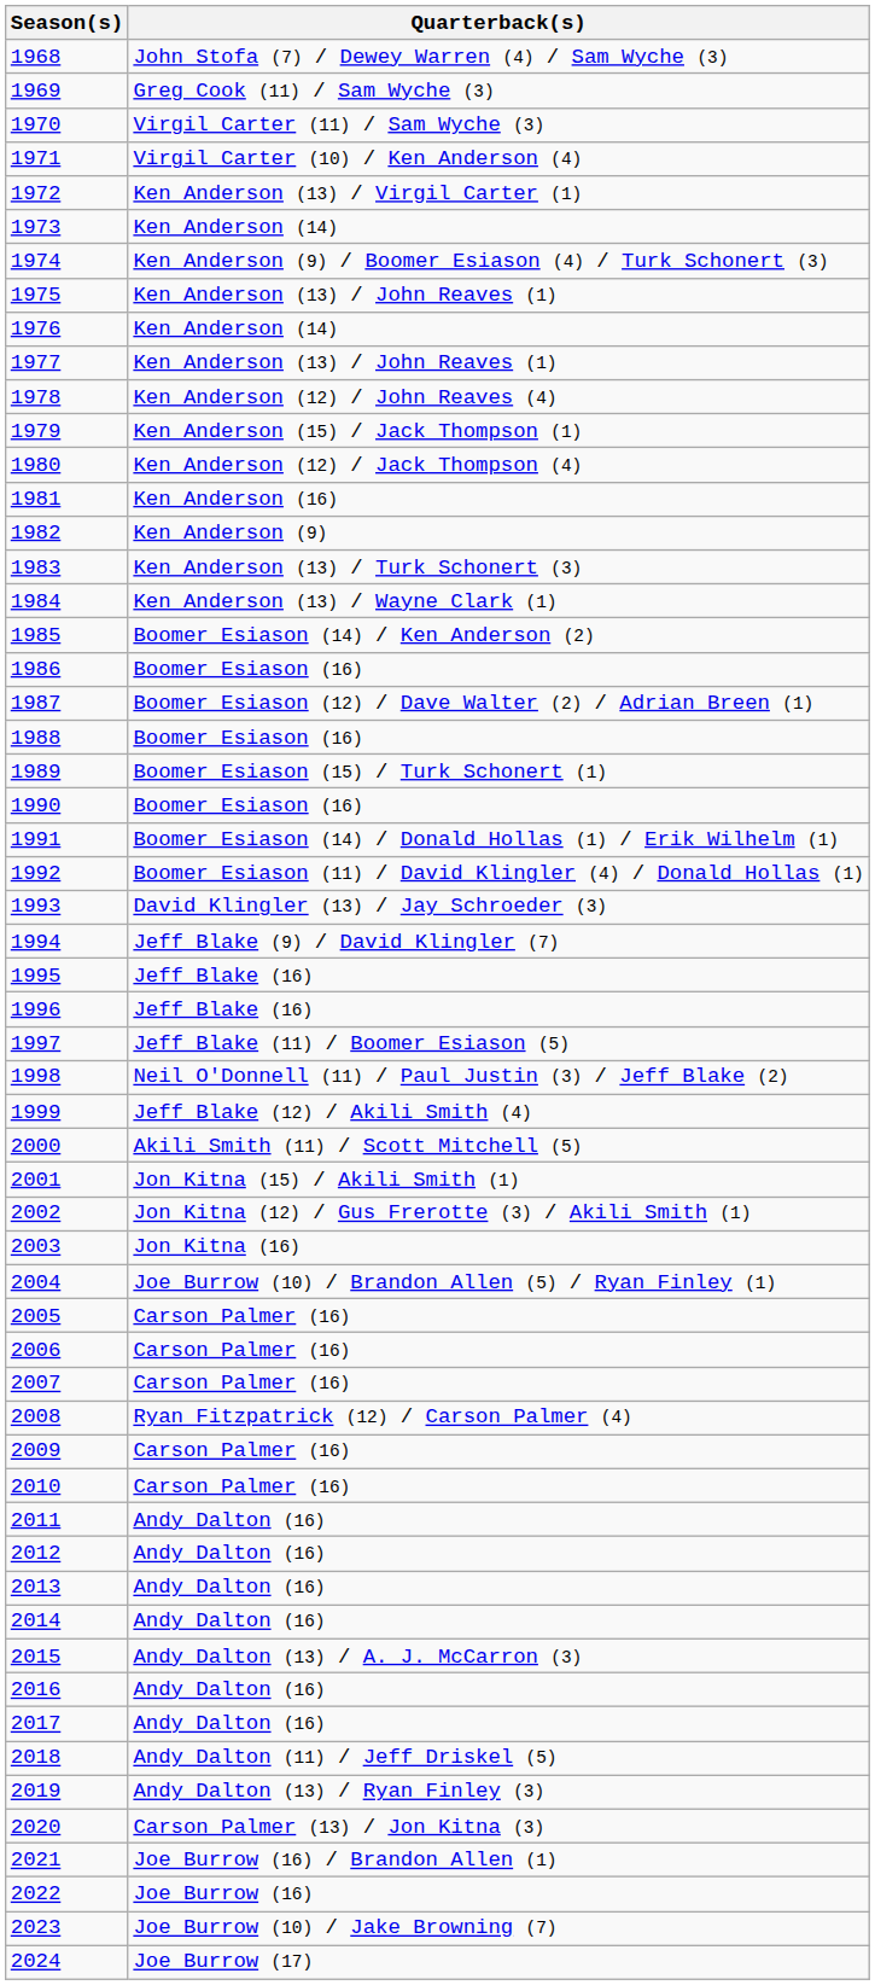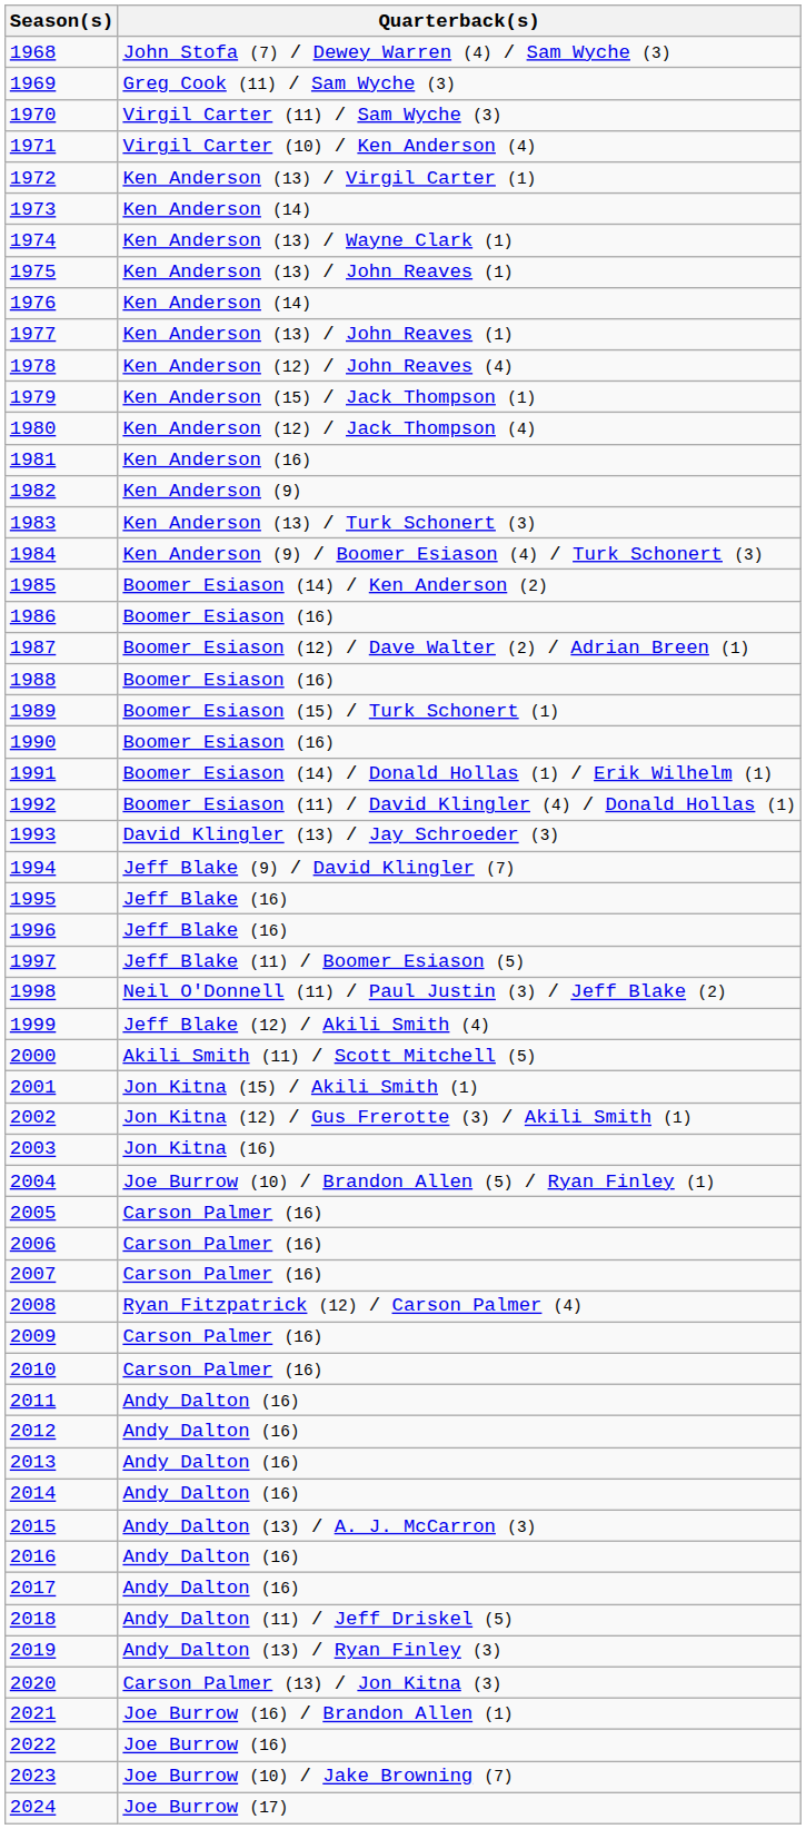 <table class="wikitable">
 <tr>
 <th>Season(s)</th>
 <th>Quarterback(s)</th>
 </tr>
 <tr>
 <td><a href='#'>1968</a></td>
 <td><a href='#'>John Stofa</a> <small>(7)</small> / <a href='#'>Dewey Warren</a> <small>(4)</small> / <a href='#'>Sam Wyche</a> <small>(3)</small></td>
 </tr>
 <tr>
 <td><a href='#'>1969</a></td>
 <td><a href='#'>Greg Cook</a> <small>(11)</small> / <a href='#'>Sam Wyche</a> <small>(3)</small></td>
 </tr>
 <tr>
 <td><a href='#'>1970</a></td>
 <td><a href='#'>Virgil Carter</a> <small>(11)</small> / <a href='#'>Sam Wyche</a> <small>(3)</small></td>
 </tr>
 <tr>
 <td><a href='#'>1971</a></td>
 <td><a href='#'>Virgil Carter</a> <small>(10)</small> / <a href='#'>Ken Anderson</a> <small>(4)</small></td>
 </tr>
 <tr>
 <td><a href='#'>1972</a></td>
 <td><a href='#'>Ken Anderson</a> <small>(13)</small> / <a href='#'>Virgil Carter</a> <small>(1)</small></td>
 </tr>
 <tr>
 <td><a href='#'>1973</a></td>
 <td><a href='#'>Ken Anderson</a> <small>(14)</small></td>
 </tr>
 <tr>
 <td><a href='#'>1974</a></td>
-<td><a href='#'>Ken Anderson</a> <small>(9)</small> / <a href='#'>Boomer Esiason</a> <small>(4)</small> / <a href='#'>Turk Schonert</a> <small>(3)</small></td>
+<td><a href='#'>Ken Anderson</a> <small>(13)</small> / <a href='#'>Wayne Clark</a> <small>(1)</small></td>
 </tr>
 <tr>
 <td><a href='#'>1975</a></td>
 <td><a href='#'>Ken Anderson</a> <small>(13)</small> / <a href='#'>John Reaves</a> <small>(1)</small></td>
 </tr>
 <tr>
 <td><a href='#'>1976</a></td>
 <td><a href='#'>Ken Anderson</a> <small>(14)</small></td>
 </tr>
 <tr>
 <td><a href='#'>1977</a></td>
 <td><a href='#'>Ken Anderson</a> <small>(13)</small> / <a href='#'>John Reaves</a> <small>(1)</small></td>
 </tr>
 <tr>
 <td><a href='#'>1978</a></td>
 <td><a href='#'>Ken Anderson</a> <small>(12)</small> / <a href='#'>John Reaves</a> <small>(4)</small></td>
 </tr>
 <tr>
 <td><a href='#'>1979</a></td>
 <td><a href='#'>Ken Anderson</a> <small>(15)</small> / <a href='#'>Jack Thompson</a> <small>(1)</small></td>
 </tr>
 <tr>
 <td><a href='#'>1980</a></td>
 <td><a href='#'>Ken Anderson</a> <small>(12)</small> / <a href='#'>Jack Thompson</a> <small>(4)</small></td>
 </tr>
 <tr>
 <td><a href='#'>1981</a></td>
 <td><a href='#'>Ken Anderson</a> <small>(16)</small></td>
 </tr>
 <tr>
 <td><a href='#'>1982</a></td>
 <td><a href='#'>Ken Anderson</a> <small>(9)</small></td>
 </tr>
 <tr>
 <td><a href='#'>1983</a></td>
 <td><a href='#'>Ken Anderson</a> <small>(13)</small> / <a href='#'>Turk Schonert</a> <small>(3)</small></td>
 </tr>
 <tr>
 <td><a href='#'>1984</a></td>
-<td><a href='#'>Ken Anderson</a> <small>(13)</small> / <a href='#'>Wayne Clark</a> <small>(1)</small></td>
+<td><a href='#'>Ken Anderson</a> <small>(9)</small> / <a href='#'>Boomer Esiason</a> <small>(4)</small> / <a href='#'>Turk Schonert</a> <small>(3)</small></td>
 </tr>
 <tr>
 <td><a href='#'>1985</a></td>
 <td><a href='#'>Boomer Esiason</a> <small>(14)</small> / <a href='#'>Ken Anderson</a> <small>(2)</small></td>
 </tr>
 <tr>
 <td><a href='#'>1986</a></td>
 <td><a href='#'>Boomer Esiason</a> <small>(16)</small></td>
 </tr>
 <tr>
 <td><a href='#'>1987</a></td>
 <td><a href='#'>Boomer Esiason</a> <small>(12)</small> / <a href='#'>Dave Walter</a> <small>(2)</small> / <a href='#'>Adrian Breen</a> <small>(1)</small></td>
 </tr>
 <tr>
 <td><a href='#'>1988</a></td>
 <td><a href='#'>Boomer Esiason</a> <small>(16)</small></td>
 </tr>
 <tr>
 <td><a href='#'>1989</a></td>
 <td><a href='#'>Boomer Esiason</a> <small>(15)</small> / <a href='#'>Turk Schonert</a> <small>(1)</small></td>
 </tr>
 <tr>
 <td><a href='#'>1990</a></td>
 <td><a href='#'>Boomer Esiason</a> <small>(16)</small></td>
 </tr>
 <tr>
 <td><a href='#'>1991</a></td>
 <td><a href='#'>Boomer Esiason</a> <small>(14)</small> / <a href='#'>Donald Hollas</a> <small>(1)</small> / <a href='#'>Erik Wilhelm</a> <small>(1)</small></td>
 </tr>
 <tr>
 <td><a href='#'>1992</a></td>
 <td><a href='#'>Boomer Esiason</a> <small>(11)</small> / <a href='#'>David Klingler</a> <small>(4)</small> / <a href='#'>Donald Hollas</a> <small>(1)</small></td>
 </tr>
 <tr>
 <td><a href='#'>1993</a></td>
 <td><a href='#'>David Klingler</a> <small>(13)</small> / <a href='#'>Jay Schroeder</a> <small>(3)</small></td>
 </tr>
 <tr>
 <td><a href='#'>1994</a></td>
 <td><a href='#'>Jeff Blake</a> <small>(9)</small> / <a href='#'>David Klingler</a> <small>(7)</small></td>
 </tr>
 <tr>
 <td><a href='#'>1995</a></td>
 <td><a href='#'>Jeff Blake</a> <small>(16)</small></td>
 </tr>
 <tr>
 <td><a href='#'>1996</a></td>
 <td><a href='#'>Jeff Blake</a> <small>(16)</small></td>
 </tr>
 <tr>
 <td><a href='#'>1997</a></td>
 <td><a href='#'>Jeff Blake</a> <small>(11)</small> / <a href='#'>Boomer Esiason</a> <small>(5)</small></td>
 </tr>
 <tr>
 <td><a href='#'>1998</a></td>
 <td><a href='#'>Neil O'Donnell</a> <small>(11)</small> / <a href='#'>Paul Justin</a> <small>(3)</small> / <a href='#'>Jeff Blake</a> <small>(2)</small></td>
 </tr>
 <tr>
 <td><a href='#'>1999</a></td>
 <td><a href='#'>Jeff Blake</a> <small>(12)</small> / <a href='#'>Akili Smith</a> <small>(4)</small></td>
 </tr>
 <tr>
 <td><a href='#'>2000</a></td>
 <td><a href='#'>Akili Smith</a> <small>(11)</small> / <a href='#'>Scott Mitchell</a> <small>(5)</small></td>
 </tr>
 <tr>
 <td><a href='#'>2001</a></td>
 <td><a href='#'>Jon Kitna</a> <small>(15)</small> / <a href='#'>Akili Smith</a> <small>(1)</small></td>
 </tr>
 <tr>
 <td><a href='#'>2002</a></td>
 <td><a href='#'>Jon Kitna</a> <small>(12)</small> / <a href='#'>Gus Frerotte</a> <small>(3)</small> / <a href='#'>Akili Smith</a> <small>(1)</small></td>
 </tr>
 <tr>
 <td><a href='#'>2003</a></td>
 <td><a href='#'>Jon Kitna</a> <small>(16)</small></td>
 </tr>
 <tr>
 <td><a href='#'>2004</a></td>
 <td><a href='#'>Joe Burrow</a> <small>(10)</small> / <a href='#'>Brandon Allen</a> <small>(5)</small> / <a href='#'>Ryan Finley</a> <small>(1)</small></td>
 </tr>
 <tr>
 <td><a href='#'>2005</a></td>
 <td><a href='#'>Carson Palmer</a> <small>(16)</small></td>
 </tr>
 <tr>
 <td><a href='#'>2006</a></td>
 <td><a href='#'>Carson Palmer</a> <small>(16)</small></td>
 </tr>
 <tr>
 <td><a href='#'>2007</a></td>
 <td><a href='#'>Carson Palmer</a> <small>(16)</small></td>
 </tr>
 <tr>
 <td><a href='#'>2008</a></td>
 <td><a href='#'>Ryan Fitzpatrick</a> <small>(12)</small> / <a href='#'>Carson Palmer</a> <small>(4)</small></td>
 </tr>
 <tr>
 <td><a href='#'>2009</a></td>
 <td><a href='#'>Carson Palmer</a> <small>(16)</small></td>
 </tr>
 <tr>
 <td><a href='#'>2010</a></td>
 <td><a href='#'>Carson Palmer</a> <small>(16)</small></td>
 </tr>
 <tr>
 <td><a href='#'>2011</a></td>
 <td><a href='#'>Andy Dalton</a> <small>(16)</small></td>
 </tr>
 <tr>
 <td><a href='#'>2012</a></td>
 <td><a href='#'>Andy Dalton</a> <small>(16)</small></td>
 </tr>
 <tr>
 <td><a href='#'>2013</a></td>
 <td><a href='#'>Andy Dalton</a> <small>(16)</small></td>
 </tr>
 <tr>
 <td><a href='#'>2014</a></td>
 <td><a href='#'>Andy Dalton</a> <small>(16)</small></td>
 </tr>
 <tr>
 <td><a href='#'>2015</a></td>
 <td><a href='#'>Andy Dalton</a> <small>(13)</small> / <a href='#'>A. J. McCarron</a> <small>(3)</small></td>
 </tr>
 <tr>
 <td><a href='#'>2016</a></td>
 <td><a href='#'>Andy Dalton</a> <small>(16)</small></td>
 </tr>
 <tr>
 <td><a href='#'>2017</a></td>
 <td><a href='#'>Andy Dalton</a> <small>(16)</small></td>
 </tr>
 <tr>
 <td><a href='#'>2018</a></td>
 <td><a href='#'>Andy Dalton</a> <small>(11)</small> / <a href='#'>Jeff Driskel</a> <small>(5)</small></td>
 </tr>
 <tr>
 <td><a href='#'>2019</a></td>
 <td><a href='#'>Andy Dalton</a> <small>(13)</small> / <a href='#'>Ryan Finley</a> <small>(3)</small></td>
 </tr>
 <tr>
 <td><a href='#'>2020</a></td>
 <td><a href='#'>Carson Palmer</a> <small>(13)</small> / <a href='#'>Jon Kitna</a> <small>(3)</small></td>
 </tr>
 <tr>
 <td><a href='#'>2021</a></td>
 <td><a href='#'>Joe Burrow</a> <small>(16)</small> / <a href='#'>Brandon Allen</a> <small>(1)</small></td>
 </tr>
 <tr>
 <td><a href='#'>2022</a></td>
 <td><a href='#'>Joe Burrow</a> <small>(16)</small></td>
 </tr>
 <tr>
 <td><a href='#'>2023</a></td>
 <td><a href='#'>Joe Burrow</a> <small>(10)</small> / <a href='#'>Jake Browning</a> <small>(7)</small></td>
 </tr>
 <tr>
 <td><a href='#'>2024</a></td>
 <td><a href='#'>Joe Burrow</a> <small>(17)</small></td>
 </tr>
 </table>
